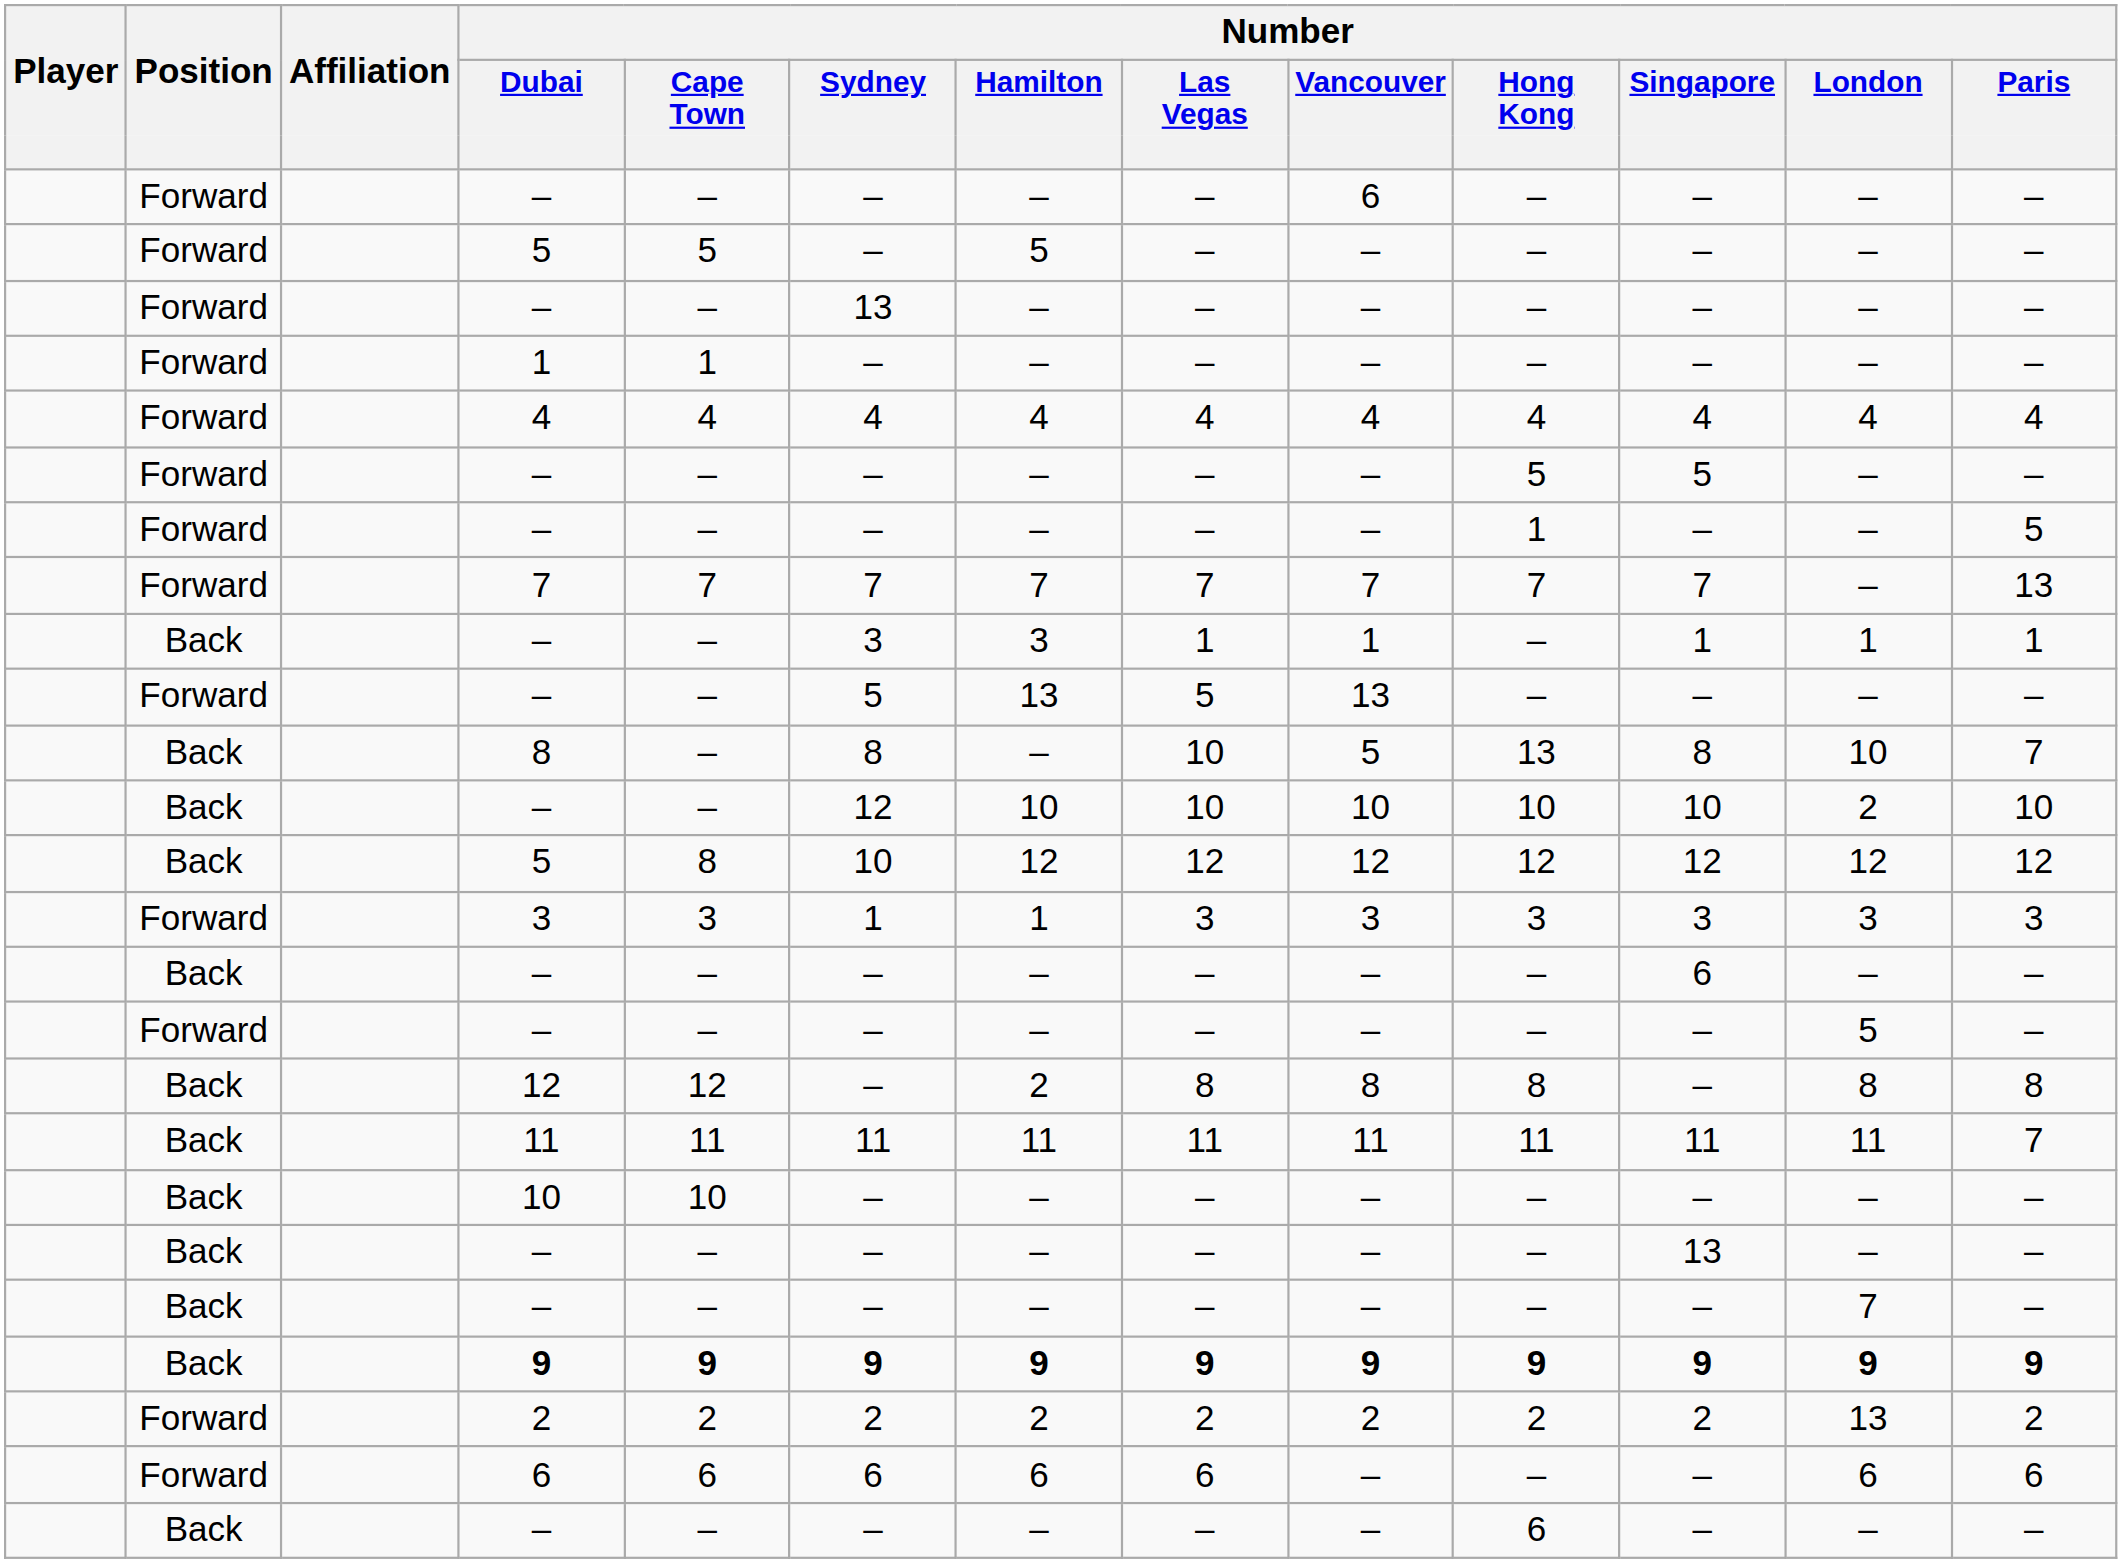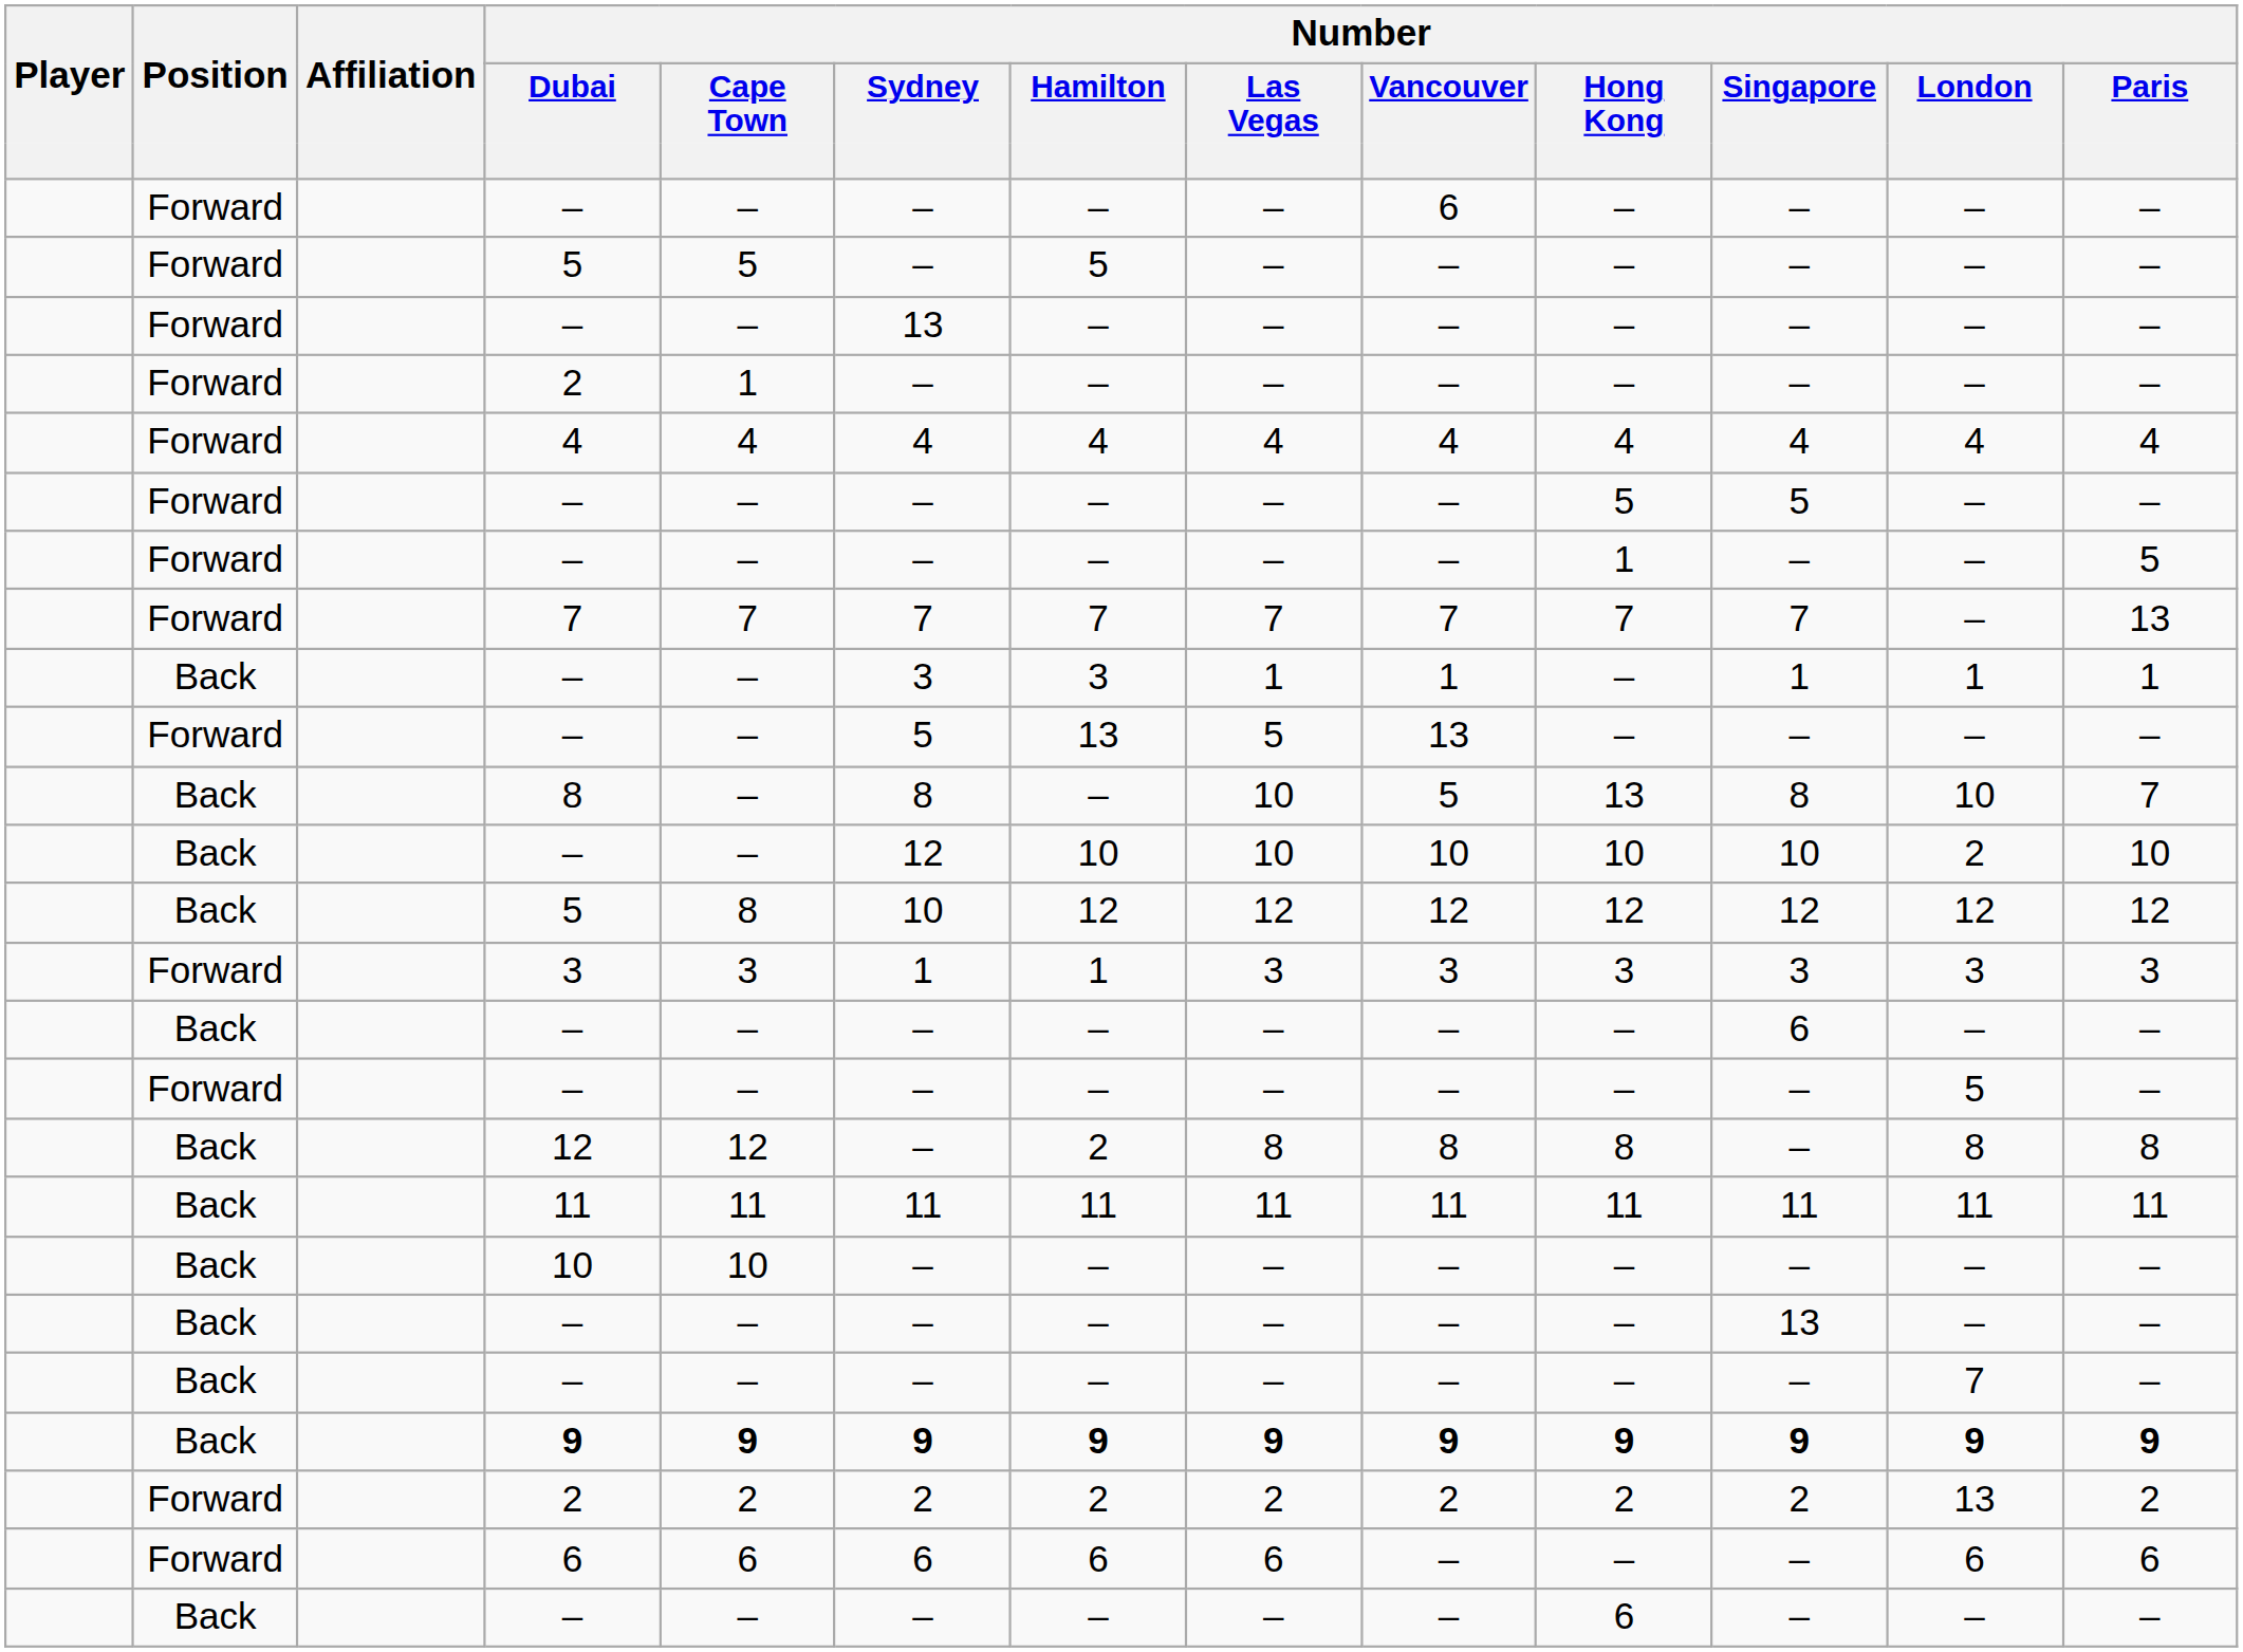 <table class="wikitable sortable" style="text-align:center;">
 <tr>
 <th rowspan=2 style="border-bottom:0px;">Player</th>
 <th rowspan=2 style="border-bottom:0px;">Position</th>
 <th rowspan=2 style="border-bottom:0px;">Affiliation</th>
 <th colspan=10>Number</th>
 </tr>
 <tr>
 <th valign=top style="width:5.2em; border-bottom:0px; padding:2px; font-size:85%;"><a href='#'>Dubai</a></th>
 <th valign=top style="width:5.2em; border-bottom:0px; padding:2px; font-size:85%;"><a href='#'>Cape Town</a></th>
 <th valign=top style="width:5.2em; border-bottom:0px; padding:2px; font-size:85%;"><a href='#'>Sydney</a></th>
 <th valign=top style="width:5.2em; border-bottom:0px; padding:2px; font-size:85%;"><a href='#'>Hamilton</a></th>
 <th valign=top style="width:5.2em; border-bottom:0px; padding:2px; font-size:85%;"><a href='#'>Las<br>Vegas</a></th>
 <th valign=top style="width:5.2em; border-bottom:0px; padding:2px; font-size:85%;"><a href='#'>Vancouver</a></th>
 <th valign=top style="width:5.2em; border-bottom:0px; padding:2px; font-size:85%;"><a href='#'>Hong Kong</a></th>
 <th valign=top style="width:5.2em; border-bottom:0px; padding:2px; font-size:85%;"><a href='#'>Singapore</a></th>
 <th valign=top style="width:5.2em; border-bottom:0px; padding:2px; font-size:85%;"><a href='#'>London</a></th>
 <th valign=top style="width:5.2em; border-bottom:0px; padding:2px; font-size:85%;"><a href='#'>Paris</a></th>
 </tr>
 <tr style="line-height:8px;">
 <th style="border-top:0px;"> </th>
 <th style="border-top:0px;"></th>
 <th style="border-top:0px;"></th>
 <th data-sort-type="number" style="border-top:0px;"></th>
 <th data-sort-type="number" style="border-top:0px;"></th>
 <th data-sort-type="number" style="border-top:0px;"></th>
 <th data-sort-type="number" style="border-top:0px;"></th>
 <th data-sort-type="number" style="border-top:0px;"></th>
 <th data-sort-type="number" style="border-top:0px;"></th>
 <th data-sort-type="number" style="border-top:0px;"></th>
 <th data-sort-type="number" style="border-top:0px;"></th>
 <th data-sort-type="number" style="border-top:0px;"></th>
 <th data-sort-type="number" style="border-top:0px;"></th>
 </tr>
 <tr>
 <td align=left></td>
 <td>Forward</td>
 <td></td>
 <td>–</td>
 <td>–</td>
 <td>–</td>
 <td>–</td>
 <td>–</td>
 <td>6</td>
 <td>–</td>
 <td>–</td>
 <td>–</td>
 <td>–</td>
 </tr>
 <tr>
 <td align=left></td>
 <td>Forward</td>
 <td></td>
 <td>5</td>
 <td>5</td>
 <td>–</td>
 <td>5</td>
 <td>–</td>
 <td>–</td>
 <td>–</td>
 <td>–</td>
 <td>–</td>
 <td>–</td>
 </tr>
 <tr>
 <td align=left></td>
 <td>Forward</td>
 <td></td>
 <td>–</td>
 <td>–</td>
 <td>13</td>
 <td>–</td>
 <td>–</td>
 <td>–</td>
 <td>–</td>
 <td>–</td>
 <td>–</td>
 <td>–</td>
 </tr>
 <tr>
 <td align=left></td>
 <td>Forward</td>
 <td></td>
-<td>1</td>
+<td>2</td>
 <td>1</td>
 <td>–</td>
 <td>–</td>
 <td>–</td>
 <td>–</td>
 <td>–</td>
 <td>–</td>
 <td>–</td>
 <td>–</td>
 </tr>
 <tr>
 <td align=left></td>
 <td>Forward</td>
 <td></td>
 <td>4</td>
 <td>4</td>
 <td>4</td>
 <td>4</td>
 <td>4</td>
 <td>4</td>
 <td>4</td>
 <td>4</td>
 <td>4</td>
 <td>4</td>
 </tr>
 <tr>
 <td align=left></td>
 <td>Forward</td>
 <td></td>
 <td>–</td>
 <td>–</td>
 <td>–</td>
 <td>–</td>
 <td>–</td>
 <td>–</td>
 <td>5</td>
 <td>5</td>
 <td>–</td>
 <td>–</td>
 </tr>
 <tr>
 <td align=left></td>
 <td>Forward</td>
 <td></td>
 <td>–</td>
 <td>–</td>
 <td>–</td>
 <td>–</td>
 <td>–</td>
 <td>–</td>
 <td>1</td>
 <td>–</td>
 <td>–</td>
 <td>5</td>
 </tr>
 <tr>
 <td align=left></td>
 <td>Forward</td>
 <td></td>
 <td>7</td>
 <td>7</td>
 <td>7</td>
 <td>7</td>
 <td>7</td>
 <td>7</td>
 <td>7</td>
 <td>7</td>
 <td>–</td>
 <td>13</td>
 </tr>
 <tr>
 <td align=left></td>
 <td>Back</td>
 <td></td>
 <td>–</td>
 <td>–</td>
 <td>3</td>
 <td>3</td>
 <td>1</td>
 <td>1</td>
 <td>–</td>
 <td>1</td>
 <td>1</td>
 <td>1</td>
 </tr>
 <tr>
 <td align=left></td>
 <td>Forward</td>
 <td></td>
 <td>–</td>
 <td>–</td>
 <td>5</td>
 <td>13</td>
 <td>5</td>
 <td>13</td>
 <td>–</td>
 <td>–</td>
 <td>–</td>
 <td>–</td>
 </tr>
 <tr>
 <td align=left></td>
 <td>Back</td>
 <td></td>
 <td>8</td>
 <td>–</td>
 <td>8</td>
 <td>–</td>
 <td>10</td>
 <td>5</td>
 <td>13</td>
 <td>8</td>
 <td>10</td>
 <td>7</td>
 </tr>
 <tr>
 <td align=left></td>
 <td>Back</td>
 <td></td>
 <td>–</td>
 <td>–</td>
 <td>12</td>
 <td>10</td>
 <td>10</td>
 <td>10</td>
 <td>10</td>
 <td>10</td>
 <td>2</td>
 <td>10</td>
 </tr>
 <tr>
 <td align=left></td>
 <td>Back</td>
 <td></td>
 <td>5</td>
 <td>8</td>
 <td>10</td>
 <td>12</td>
 <td>12</td>
 <td>12</td>
 <td>12</td>
 <td>12</td>
 <td>12</td>
 <td>12</td>
 </tr>
 <tr>
 <td align=left></td>
 <td>Forward</td>
 <td></td>
 <td>3</td>
 <td>3</td>
 <td>1</td>
 <td>1</td>
 <td>3</td>
 <td>3</td>
 <td>3</td>
 <td>3</td>
 <td>3</td>
 <td>3</td>
 </tr>
 <tr>
 <td align=left></td>
 <td>Back</td>
 <td></td>
 <td>–</td>
 <td>–</td>
 <td>–</td>
 <td>–</td>
 <td>–</td>
 <td>–</td>
 <td>–</td>
 <td>6</td>
 <td>–</td>
 <td>–</td>
 </tr>
 <tr>
 <td align=left></td>
 <td>Forward</td>
 <td></td>
 <td>–</td>
 <td>–</td>
 <td>–</td>
 <td>–</td>
 <td>–</td>
 <td>–</td>
 <td>–</td>
 <td>–</td>
 <td>5</td>
 <td>–</td>
 </tr>
 <tr>
 <td align=left></td>
 <td>Back</td>
 <td></td>
 <td>12</td>
 <td>12</td>
 <td>–</td>
 <td>2</td>
 <td>8</td>
 <td>8</td>
 <td>8</td>
 <td>–</td>
 <td>8</td>
 <td>8</td>
 </tr>
 <tr>
 <td align=left></td>
 <td>Back</td>
 <td></td>
 <td>11</td>
 <td>11</td>
 <td>11</td>
 <td>11</td>
 <td>11</td>
 <td>11</td>
 <td>11</td>
 <td>11</td>
 <td>11</td>
-<td>7</td>
+<td>11</td>
 </tr>
 <tr>
 <td align=left></td>
 <td>Back</td>
 <td></td>
 <td>10</td>
 <td>10</td>
 <td>–</td>
 <td>–</td>
 <td>–</td>
 <td>–</td>
 <td>–</td>
 <td>–</td>
 <td>–</td>
 <td>–</td>
 </tr>
 <tr>
 <td align=left></td>
 <td>Back</td>
 <td></td>
 <td>–</td>
 <td>–</td>
 <td>–</td>
 <td>–</td>
 <td>–</td>
 <td>–</td>
 <td>–</td>
 <td>13</td>
 <td>–</td>
 <td>–</td>
 </tr>
 <tr>
 <td align=left></td>
 <td>Back</td>
 <td></td>
 <td>–</td>
 <td>–</td>
 <td>–</td>
 <td>–</td>
 <td>–</td>
 <td>–</td>
 <td>–</td>
 <td>–</td>
 <td>7</td>
 <td>–</td>
 </tr>
 <tr>
 <td align=left></td>
 <td>Back</td>
 <td></td>
 <td><strong>9</strong></td>
 <td><strong>9</strong></td>
 <td><strong>9</strong></td>
 <td><strong>9</strong></td>
 <td><strong>9</strong></td>
 <td><strong>9</strong></td>
 <td><strong>9</strong></td>
 <td><strong>9</strong></td>
 <td><strong>9</strong></td>
 <td><strong>9</strong></td>
 </tr>
 <tr>
 <td align=left></td>
 <td>Forward</td>
 <td></td>
 <td>2</td>
 <td>2</td>
 <td>2</td>
 <td>2</td>
 <td>2</td>
 <td>2</td>
 <td>2</td>
 <td>2</td>
 <td>13</td>
 <td>2</td>
 </tr>
 <tr>
 <td align=left></td>
 <td>Forward</td>
 <td></td>
 <td>6</td>
 <td>6</td>
 <td>6</td>
 <td>6</td>
 <td>6</td>
 <td>–</td>
 <td>–</td>
 <td>–</td>
 <td>6</td>
 <td>6</td>
 </tr>
 <tr>
 <td align=left></td>
 <td>Back</td>
 <td></td>
 <td>–</td>
 <td>–</td>
 <td>–</td>
 <td>–</td>
 <td>–</td>
 <td>–</td>
 <td>6</td>
 <td>–</td>
 <td>–</td>
 <td>–</td>
 </tr>
 </table>
